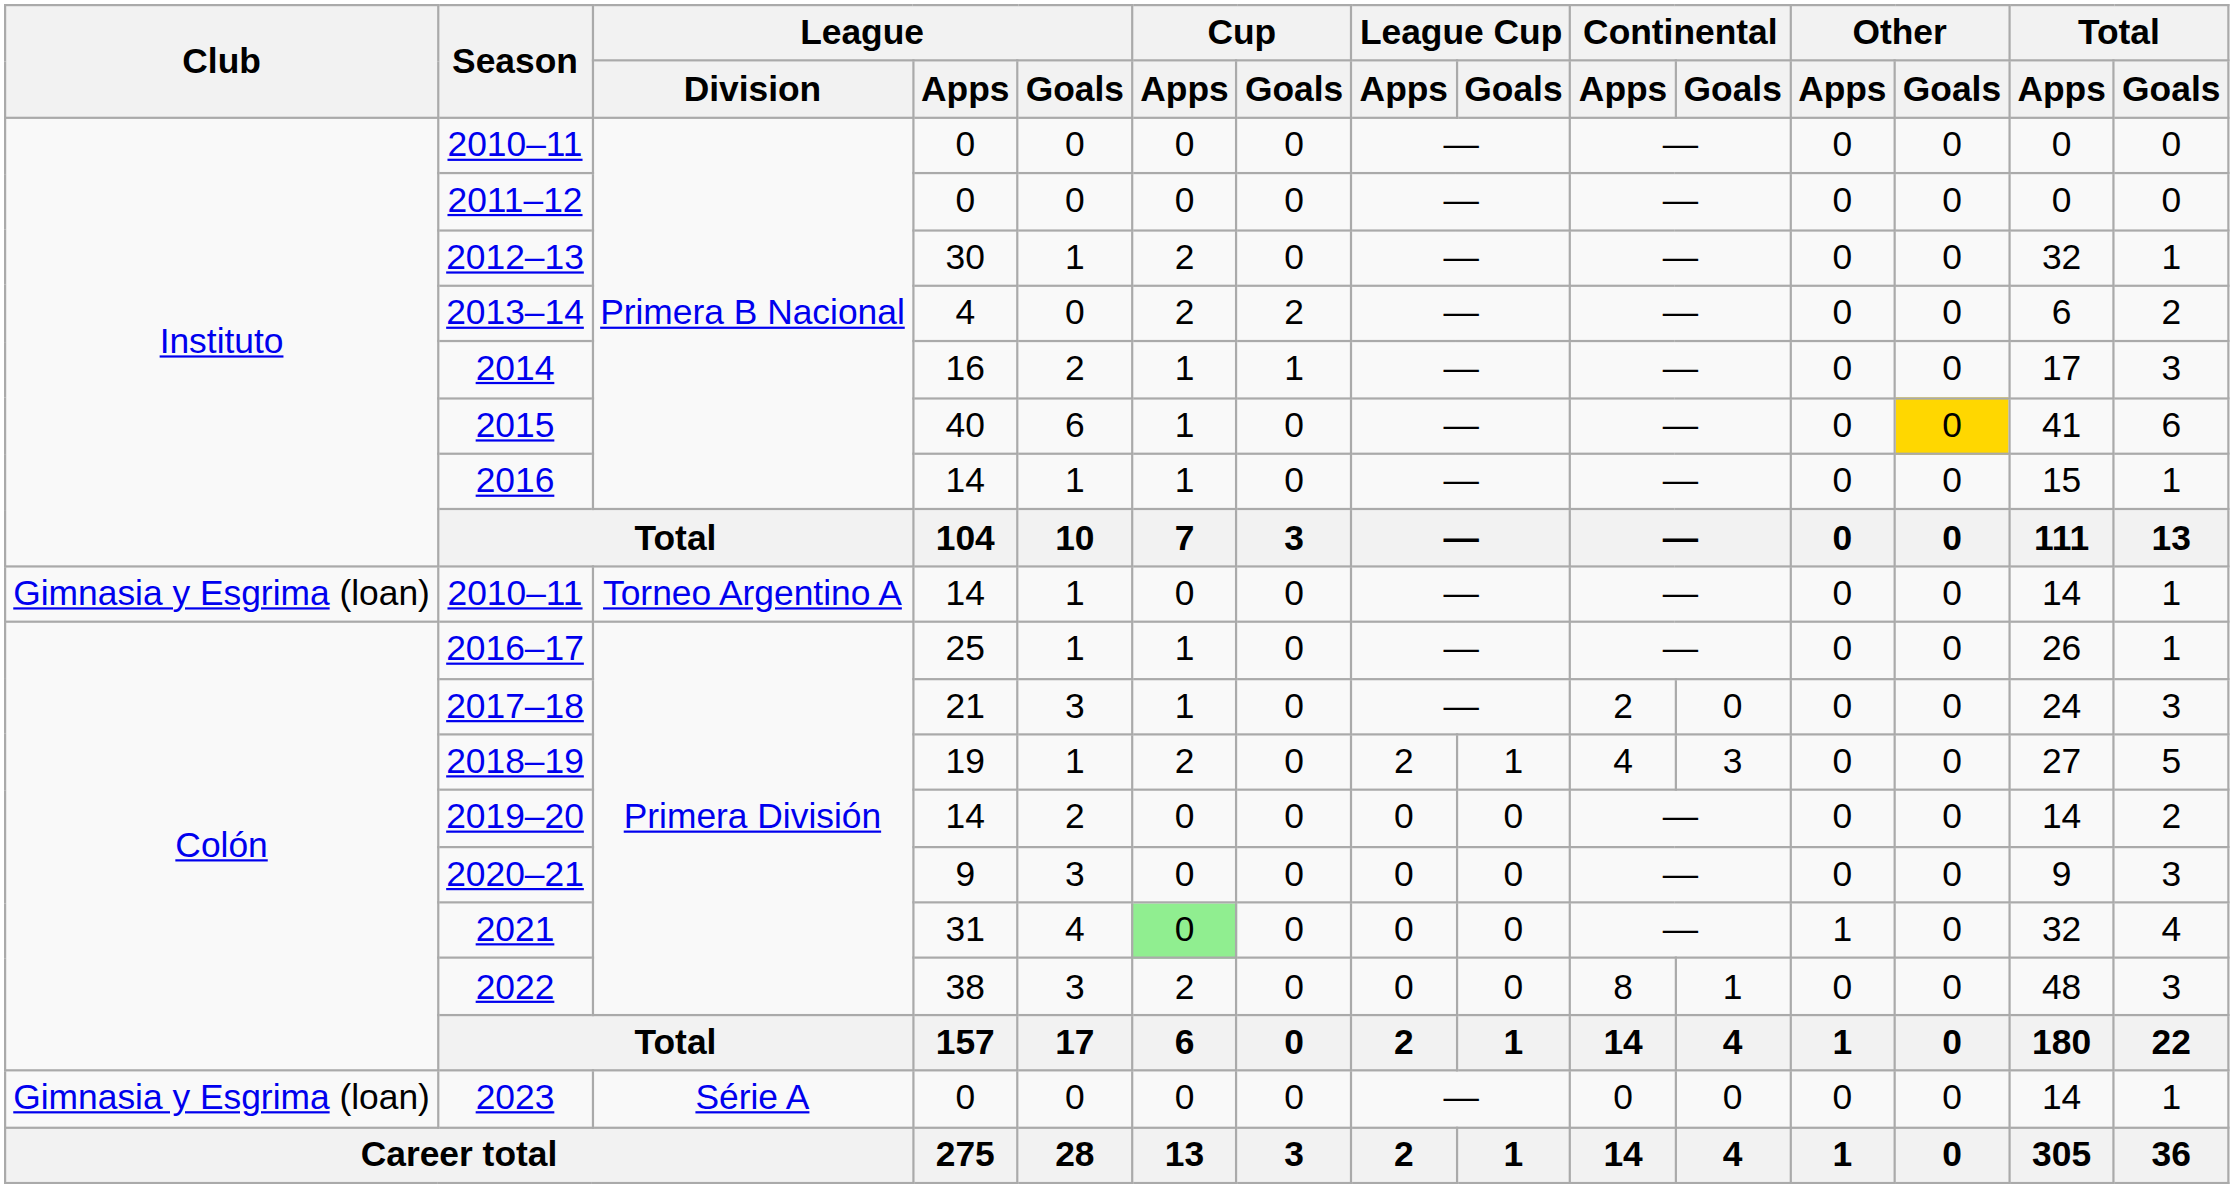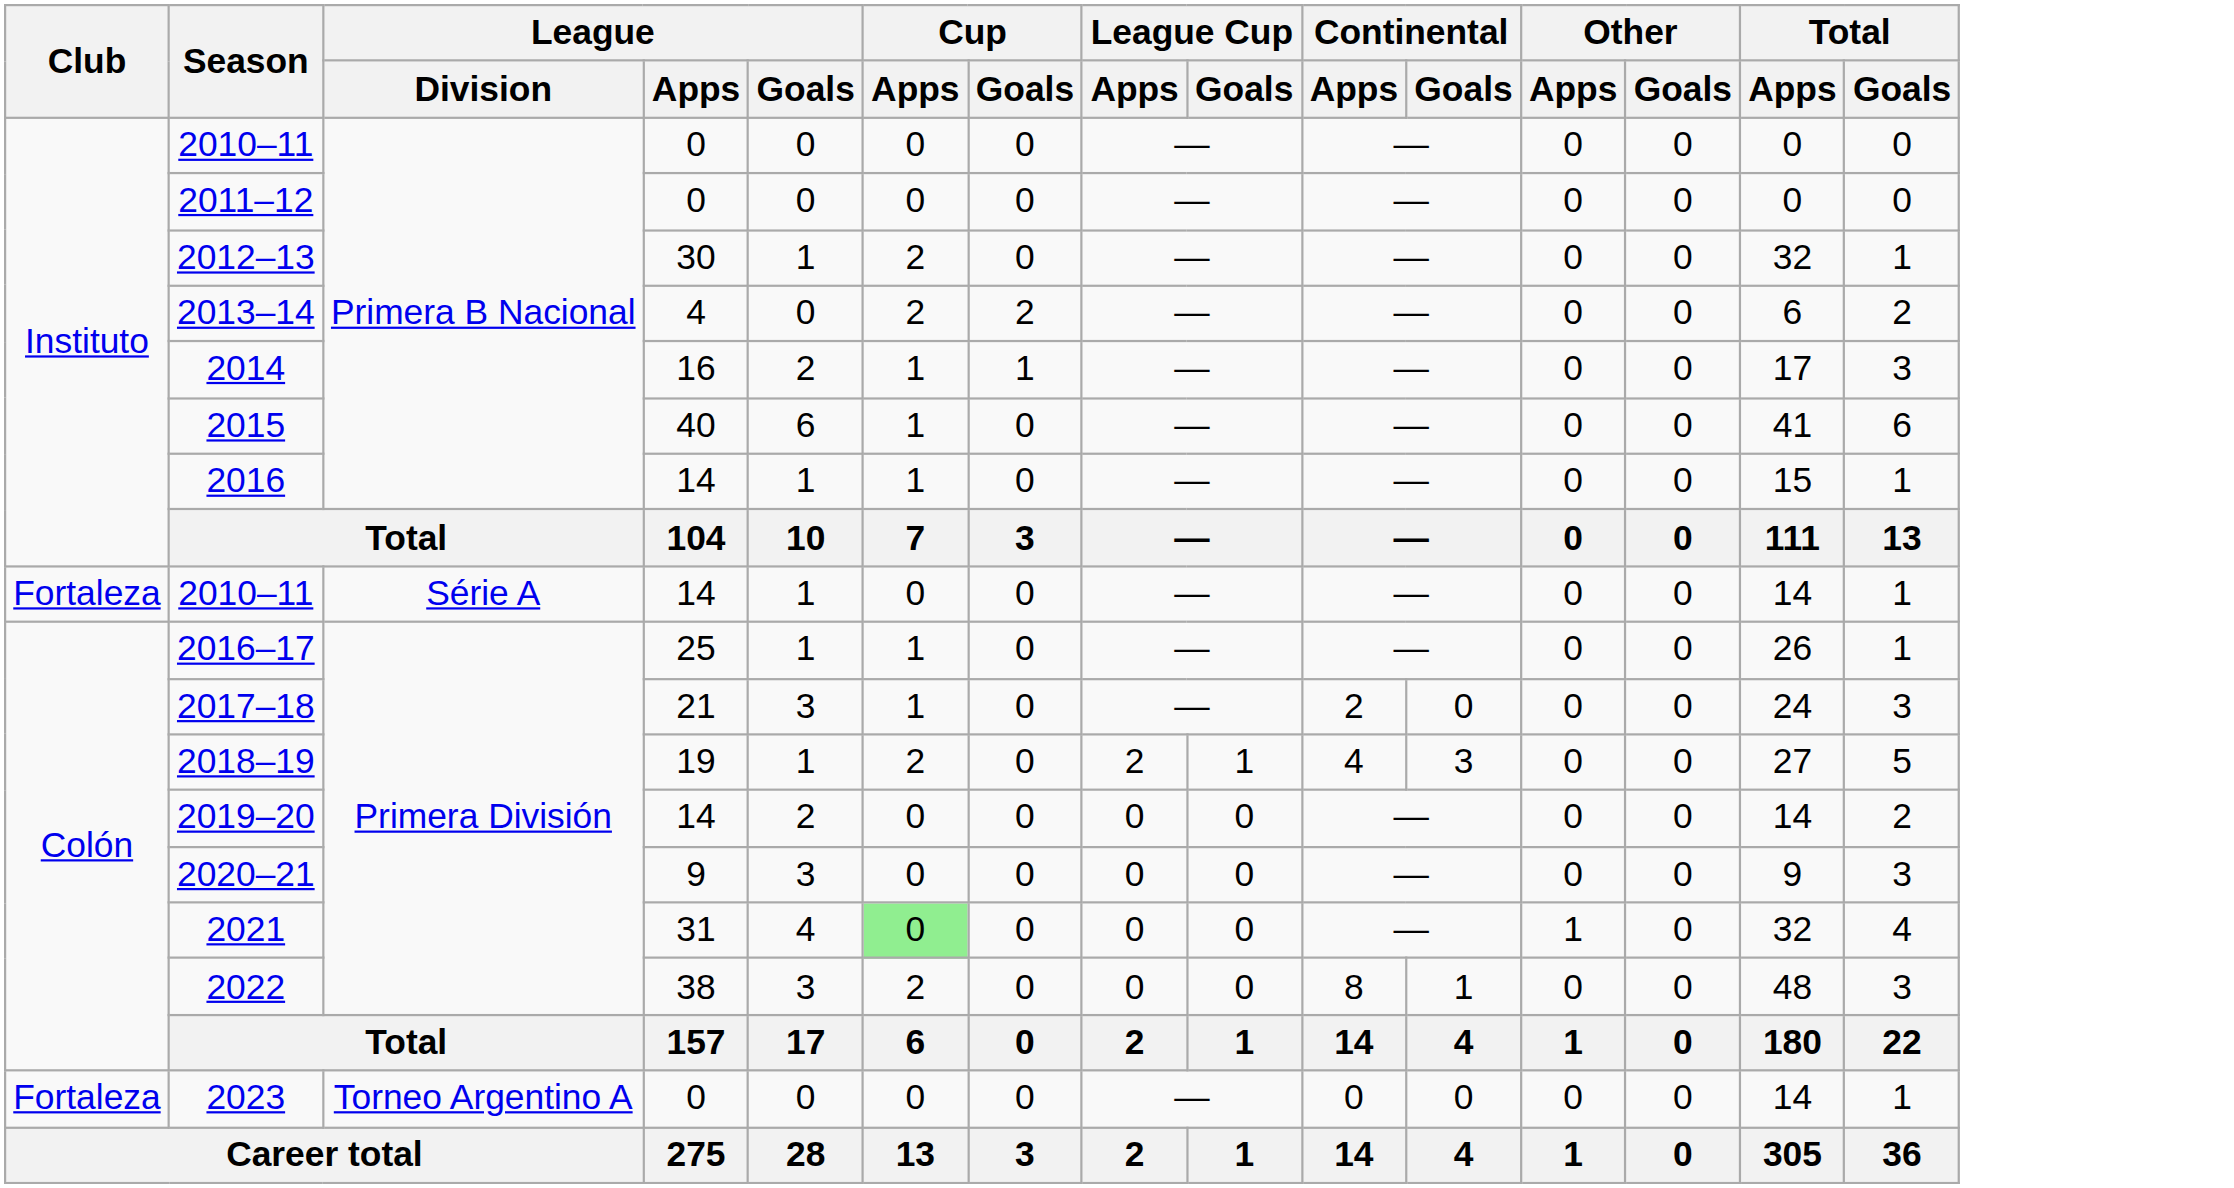 <table class="wikitable" style="text-align:center">
 <tr>
 <th rowspan="2">Club</th>
 <th rowspan="2">Season</th>
 <th colspan="3">League</th>
 <th colspan="2">Cup</th>
 <th colspan="2">League Cup</th>
 <th colspan="2">Continental</th>
 <th colspan="2">Other</th>
 <th colspan="2">Total</th>
 </tr>
 <tr>
 <th>Division</th>
 <th>Apps</th>
 <th>Goals</th>
 <th>Apps</th>
 <th>Goals</th>
 <th>Apps</th>
 <th>Goals</th>
 <th>Apps</th>
 <th>Goals</th>
 <th>Apps</th>
 <th>Goals</th>
 <th>Apps</th>
 <th>Goals</th>
 </tr>
 <tr>
 <td rowspan="8"><a href='#'>Instituto</a></td>
 <td><a href='#'>2010–11</a></td>
 <td rowspan="7"><a href='#'>Primera B Nacional</a></td>
 <td>0</td>
 <td>0</td>
 <td>0</td>
 <td>0</td>
 <td colspan="2">—</td>
 <td colspan="2">—</td>
 <td>0</td>
 <td>0</td>
 <td>0</td>
 <td>0</td>
 </tr>
 <tr>
 <td><a href='#'>2011–12</a></td>
 <td>0</td>
 <td>0</td>
 <td>0</td>
 <td>0</td>
 <td colspan="2">—</td>
 <td colspan="2">—</td>
 <td>0</td>
 <td>0</td>
 <td>0</td>
 <td>0</td>
 </tr>
 <tr>
 <td><a href='#'>2012–13</a></td>
 <td>30</td>
 <td>1</td>
 <td>2</td>
 <td>0</td>
 <td colspan="2">—</td>
 <td colspan="2">—</td>
 <td>0</td>
 <td>0</td>
 <td>32</td>
 <td>1</td>
 </tr>
 <tr>
 <td><a href='#'>2013–14</a></td>
 <td>4</td>
 <td>0</td>
 <td>2</td>
 <td>2</td>
 <td colspan="2">—</td>
 <td colspan="2">—</td>
 <td>0</td>
 <td>0</td>
 <td>6</td>
 <td>2</td>
 </tr>
 <tr>
 <td><a href='#'>2014</a></td>
 <td>16</td>
 <td>2</td>
 <td>1</td>
 <td>1</td>
 <td colspan="2">—</td>
 <td colspan="2">—</td>
 <td>0</td>
 <td>0</td>
 <td>17</td>
 <td>3</td>
 </tr>
 <tr>
 <td><a href='#'>2015</a></td>
 <td>40</td>
 <td>6</td>
 <td>1</td>
 <td>0</td>
 <td colspan="2">—</td>
 <td colspan="2">—</td>
 <td>0</td>
-<td style="background: gold;">0</td>
+<td>0</td>
 <td>41</td>
 <td>6</td>
 </tr>
 <tr>
 <td><a href='#'>2016</a></td>
 <td>14</td>
 <td>1</td>
 <td>1</td>
 <td>0</td>
 <td colspan="2">—</td>
 <td colspan="2">—</td>
 <td>0</td>
 <td>0</td>
 <td>15</td>
 <td>1</td>
 </tr>
 <tr>
 <th colspan="2">Total</th>
 <th>104</th>
 <th>10</th>
 <th>7</th>
 <th>3</th>
 <th colspan="2">—</th>
 <th colspan="2">—</th>
 <th>0</th>
 <th>0</th>
 <th>111</th>
 <th>13</th>
 </tr>
 <tr>
-<td rowspan="1"><a href='#'>Gimnasia y Esgrima</a> (loan)</td>
+<td rowspan="1"><a href='#'>Fortaleza</a></td>
 <td><a href='#'>2010–11</a></td>
-<td rowspan="1"><a href='#'>Torneo Argentino A</a></td>
+<td rowspan="1"><a href='#'>Série A</a></td>
 <td>14</td>
 <td>1</td>
 <td>0</td>
 <td>0</td>
 <td colspan="2">—</td>
 <td colspan="2">—</td>
 <td>0</td>
 <td>0</td>
 <td>14</td>
 <td>1</td>
 </tr>
 <tr>
 <td rowspan="8"><a href='#'>Colón</a></td>
 <td><a href='#'>2016–17</a></td>
 <td rowspan="7"><a href='#'>Primera División</a></td>
 <td>25</td>
 <td>1</td>
 <td>1</td>
 <td>0</td>
 <td colspan="2">—</td>
 <td colspan="2">—</td>
 <td>0</td>
 <td>0</td>
 <td>26</td>
 <td>1</td>
 </tr>
 <tr>
 <td><a href='#'>2017–18</a></td>
 <td>21</td>
 <td>3</td>
 <td>1</td>
 <td>0</td>
 <td colspan="2">—</td>
 <td>2</td>
 <td>0</td>
 <td>0</td>
 <td>0</td>
 <td>24</td>
 <td>3</td>
 </tr>
 <tr>
 <td><a href='#'>2018–19</a></td>
 <td>19</td>
 <td>1</td>
 <td>2</td>
 <td>0</td>
 <td>2</td>
 <td>1</td>
 <td>4</td>
 <td>3</td>
 <td>0</td>
 <td>0</td>
 <td>27</td>
 <td>5</td>
 </tr>
 <tr>
 <td><a href='#'>2019–20</a></td>
 <td>14</td>
 <td>2</td>
 <td>0</td>
 <td>0</td>
 <td>0</td>
 <td>0</td>
 <td colspan="2">—</td>
 <td>0</td>
 <td>0</td>
 <td>14</td>
 <td>2</td>
 </tr>
 <tr>
 <td><a href='#'>2020–21</a></td>
 <td>9</td>
 <td>3</td>
 <td>0</td>
 <td>0</td>
 <td>0</td>
 <td>0</td>
 <td colspan="2">—</td>
 <td>0</td>
 <td>0</td>
 <td>9</td>
 <td>3</td>
 </tr>
 <tr>
 <td><a href='#'>2021</a></td>
 <td>31</td>
 <td>4</td>
 <td style="background: lightgreen;">0</td>
 <td>0</td>
 <td>0</td>
 <td>0</td>
 <td colspan="2">—</td>
 <td>1</td>
 <td>0</td>
 <td>32</td>
 <td>4</td>
 </tr>
 <tr>
 <td><a href='#'>2022</a></td>
 <td>38</td>
 <td>3</td>
 <td>2</td>
 <td>0</td>
 <td>0</td>
 <td>0</td>
 <td>8</td>
 <td>1</td>
 <td>0</td>
 <td>0</td>
 <td>48</td>
 <td>3</td>
 </tr>
 <tr>
 <th colspan="2">Total</th>
 <th>157</th>
 <th>17</th>
 <th>6</th>
 <th>0</th>
 <th>2</th>
 <th>1</th>
 <th>14</th>
 <th>4</th>
 <th>1</th>
 <th>0</th>
 <th>180</th>
 <th>22</th>
 </tr>
 <tr>
-<td rowspan="1"><a href='#'>Gimnasia y Esgrima</a> (loan)</td>
+<td rowspan="1"><a href='#'>Fortaleza</a></td>
 <td><a href='#'>2023</a></td>
-<td rowspan="1"><a href='#'>Série A</a></td>
+<td rowspan="1"><a href='#'>Torneo Argentino A</a></td>
 <td>0</td>
 <td>0</td>
 <td>0</td>
 <td>0</td>
 <td colspan="2">—</td>
 <td>0</td>
 <td>0</td>
 <td>0</td>
 <td>0</td>
 <td>14</td>
 <td>1</td>
 </tr>
 <tr>
 <th colspan="3">Career total</th>
 <th>275</th>
 <th>28</th>
 <th>13</th>
 <th>3</th>
 <th>2</th>
 <th>1</th>
 <th>14</th>
 <th>4</th>
 <th>1</th>
 <th>0</th>
 <th>305</th>
 <th>36</th>
 </tr>
 </table>
